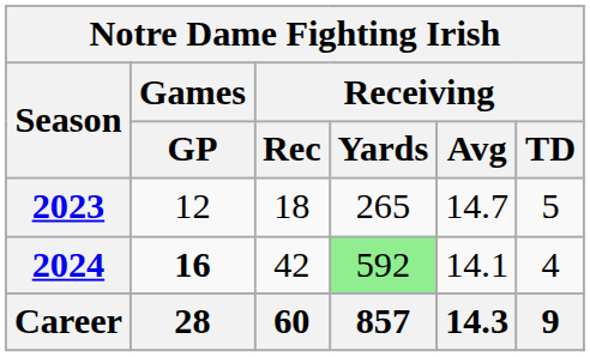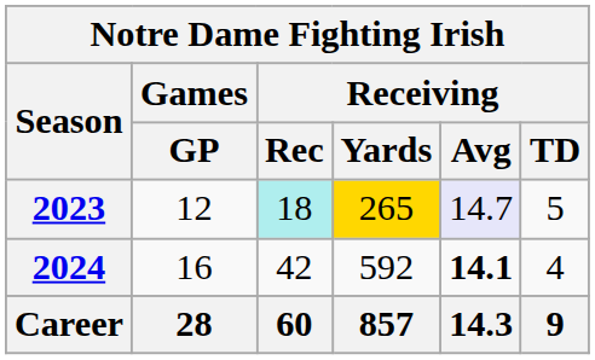 <table class="wikitable" style="text-align:center;">
 <tr>
 <th colspan="11">Notre Dame Fighting Irish</th>
 </tr>
 <tr>
 <th rowspan="2">Season</th>
 <th>Games</th>
 <th colspan="4">Receiving</th>
 </tr>
 <tr>
 <th>GP</th>
 <th>Rec</th>
 <th>Yards</th>
 <th>Avg</th>
 <th>TD</th>
 </tr>
 <tr>
 <th><a href='#'>2023</a></th>
 <td>12</td>
-<td>18</td>
-<td>265</td>
-<td>14.7</td>
+<td style="background: paleturquoise;">18</td>
+<td style="background: gold;">265</td>
+<td style="background: lavender;">14.7</td>
 <td>5</td>
 </tr>
 <tr>
 <th><a href='#'>2024</a></th>
-<td><strong>16</strong></td>
+<td>16</td>
 <td>42</td>
-<td style="background: lightgreen;">592</td>
-<td>14.1</td>
+<td>592</td>
+<td><strong>14.1</strong></td>
 <td>4</td>
 </tr>
 <tr>
 <th>Career</th>
 <th>28</th>
 <th>60</th>
 <th>857</th>
 <th>14.3</th>
 <th>9</th>
 </tr>
 </table>
